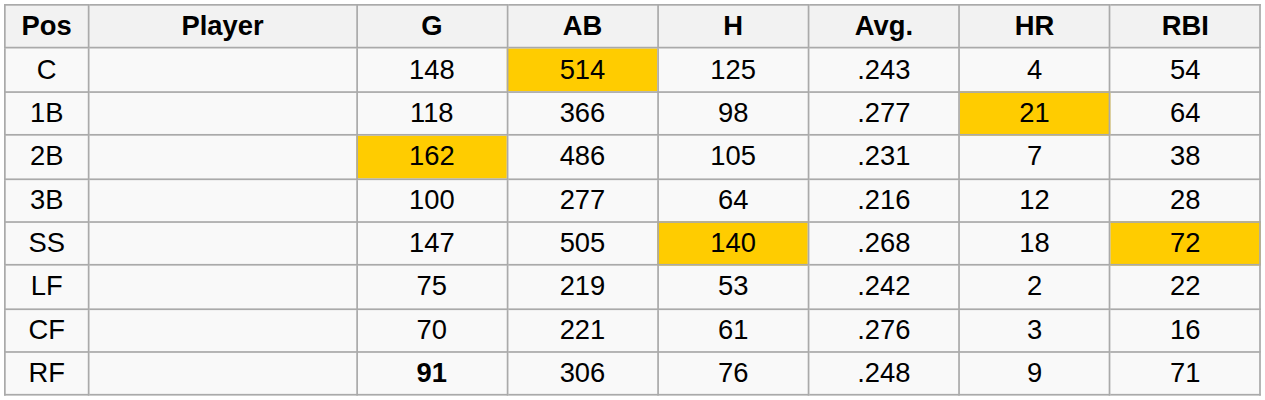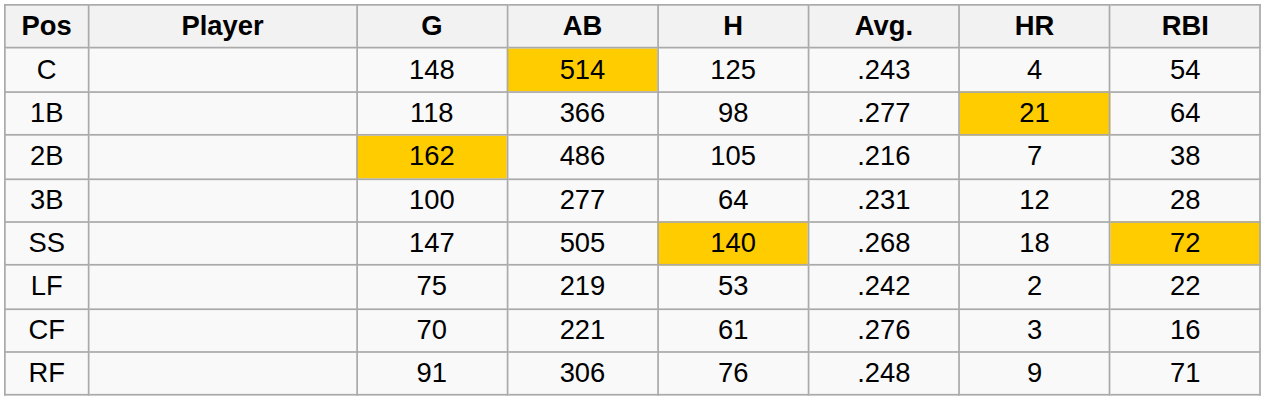 <table class="wikitable sortable">
 <tr>
 <th bgcolor="#DDDDFF" width="5%">Pos</th>
 <th bgcolor="#DDDDFF" width="16%">Player</th>
 <th bgcolor="#DDDDFF" width="9%">G</th>
 <th bgcolor="#DDDDFF" width="9%">AB</th>
 <th bgcolor="#DDDDFF" width="9%">H</th>
 <th bgcolor="#DDDDFF" width="9%">Avg.</th>
 <th bgcolor="#DDDDFF" width="9%">HR</th>
 <th bgcolor="#DDDDFF" width="9%">RBI</th>
 </tr>
 <tr align="center">
 <td>C</td>
 <td></td>
 <td>148</td>
 <td style="background:#fc0;">514</td>
 <td>125</td>
 <td>.243</td>
 <td>4</td>
 <td>54</td>
 </tr>
 <tr align="center">
 <td>1B</td>
 <td></td>
 <td>118</td>
 <td>366</td>
 <td>98</td>
 <td>.277</td>
 <td style="background:#fc0;">21</td>
 <td>64</td>
 </tr>
 <tr align="center">
 <td>2B</td>
 <td></td>
 <td style="background:#fc0;">162</td>
 <td>486</td>
 <td>105</td>
-<td>.231</td>
+<td>.216</td>
 <td>7</td>
 <td>38</td>
 </tr>
 <tr align="center">
 <td>3B</td>
 <td></td>
 <td>100</td>
 <td>277</td>
 <td>64</td>
-<td>.216</td>
+<td>.231</td>
 <td>12</td>
 <td>28</td>
 </tr>
 <tr align="center">
 <td>SS</td>
 <td></td>
 <td>147</td>
 <td>505</td>
 <td style="background:#fc0;">140</td>
 <td>.268</td>
 <td>18</td>
 <td style="background:#fc0;">72</td>
 </tr>
 <tr align="center">
 <td>LF</td>
 <td></td>
 <td>75</td>
 <td>219</td>
 <td>53</td>
 <td>.242</td>
 <td>2</td>
 <td>22</td>
 </tr>
 <tr align="center">
 <td>CF</td>
 <td></td>
 <td>70</td>
 <td>221</td>
 <td>61</td>
 <td>.276</td>
 <td>3</td>
 <td>16</td>
 </tr>
 <tr align="center">
 <td>RF</td>
 <td></td>
-<td><strong>91</strong></td>
+<td>91</td>
 <td>306</td>
 <td>76</td>
 <td>.248</td>
 <td>9</td>
 <td>71</td>
 </tr>
 </table>
